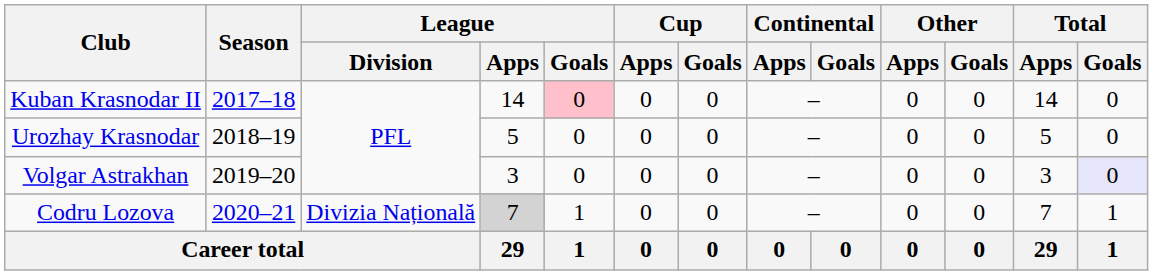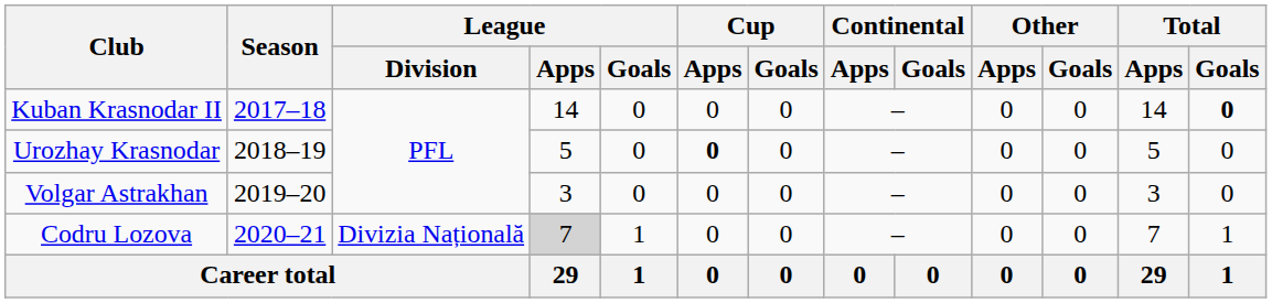 <table class="wikitable" style="text-align: center">
 <tr>
 <th rowspan="2">Club</th>
 <th rowspan="2">Season</th>
 <th colspan="3">League</th>
 <th colspan="2">Cup</th>
 <th colspan="2">Continental</th>
 <th colspan="2">Other</th>
 <th colspan="2">Total</th>
 </tr>
 <tr>
 <th>Division</th>
 <th>Apps</th>
 <th>Goals</th>
 <th>Apps</th>
 <th>Goals</th>
 <th>Apps</th>
 <th>Goals</th>
 <th>Apps</th>
 <th>Goals</th>
 <th>Apps</th>
 <th>Goals</th>
 </tr>
 <tr>
 <td><a href='#'>Kuban Krasnodar II</a></td>
 <td><a href='#'>2017–18</a></td>
 <td rowspan="3"><a href='#'>PFL</a></td>
 <td>14</td>
-<td style="background: pink;">0</td>
+<td>0</td>
 <td>0</td>
 <td>0</td>
 <td colspan="2">–</td>
 <td>0</td>
 <td>0</td>
 <td>14</td>
-<td>0</td>
+<td><strong>0</strong></td>
 </tr>
 <tr>
 <td><a href='#'>Urozhay Krasnodar</a></td>
 <td>2018–19</td>
 <td>5</td>
 <td>0</td>
-<td>0</td>
+<td><strong>0</strong></td>
 <td>0</td>
 <td colspan="2">–</td>
 <td>0</td>
 <td>0</td>
 <td>5</td>
 <td>0</td>
 </tr>
 <tr>
 <td><a href='#'>Volgar Astrakhan</a></td>
 <td>2019–20</td>
 <td>3</td>
 <td>0</td>
 <td>0</td>
 <td>0</td>
 <td colspan="2">–</td>
 <td>0</td>
 <td>0</td>
 <td>3</td>
-<td style="background: lavender;">0</td>
+<td>0</td>
 </tr>
 <tr>
 <td><a href='#'>Codru Lozova</a></td>
 <td><a href='#'>2020–21</a></td>
 <td><a href='#'>Divizia Națională</a></td>
 <td style="background: lightgrey;">7</td>
 <td>1</td>
 <td>0</td>
 <td>0</td>
 <td colspan="2">–</td>
 <td>0</td>
 <td>0</td>
 <td>7</td>
 <td>1</td>
 </tr>
 <tr>
 <th colspan=3>Career total</th>
 <th>29</th>
 <th>1</th>
 <th>0</th>
 <th>0</th>
 <th>0</th>
 <th>0</th>
 <th>0</th>
 <th>0</th>
 <th>29</th>
 <th>1</th>
 </tr>
 </table>
